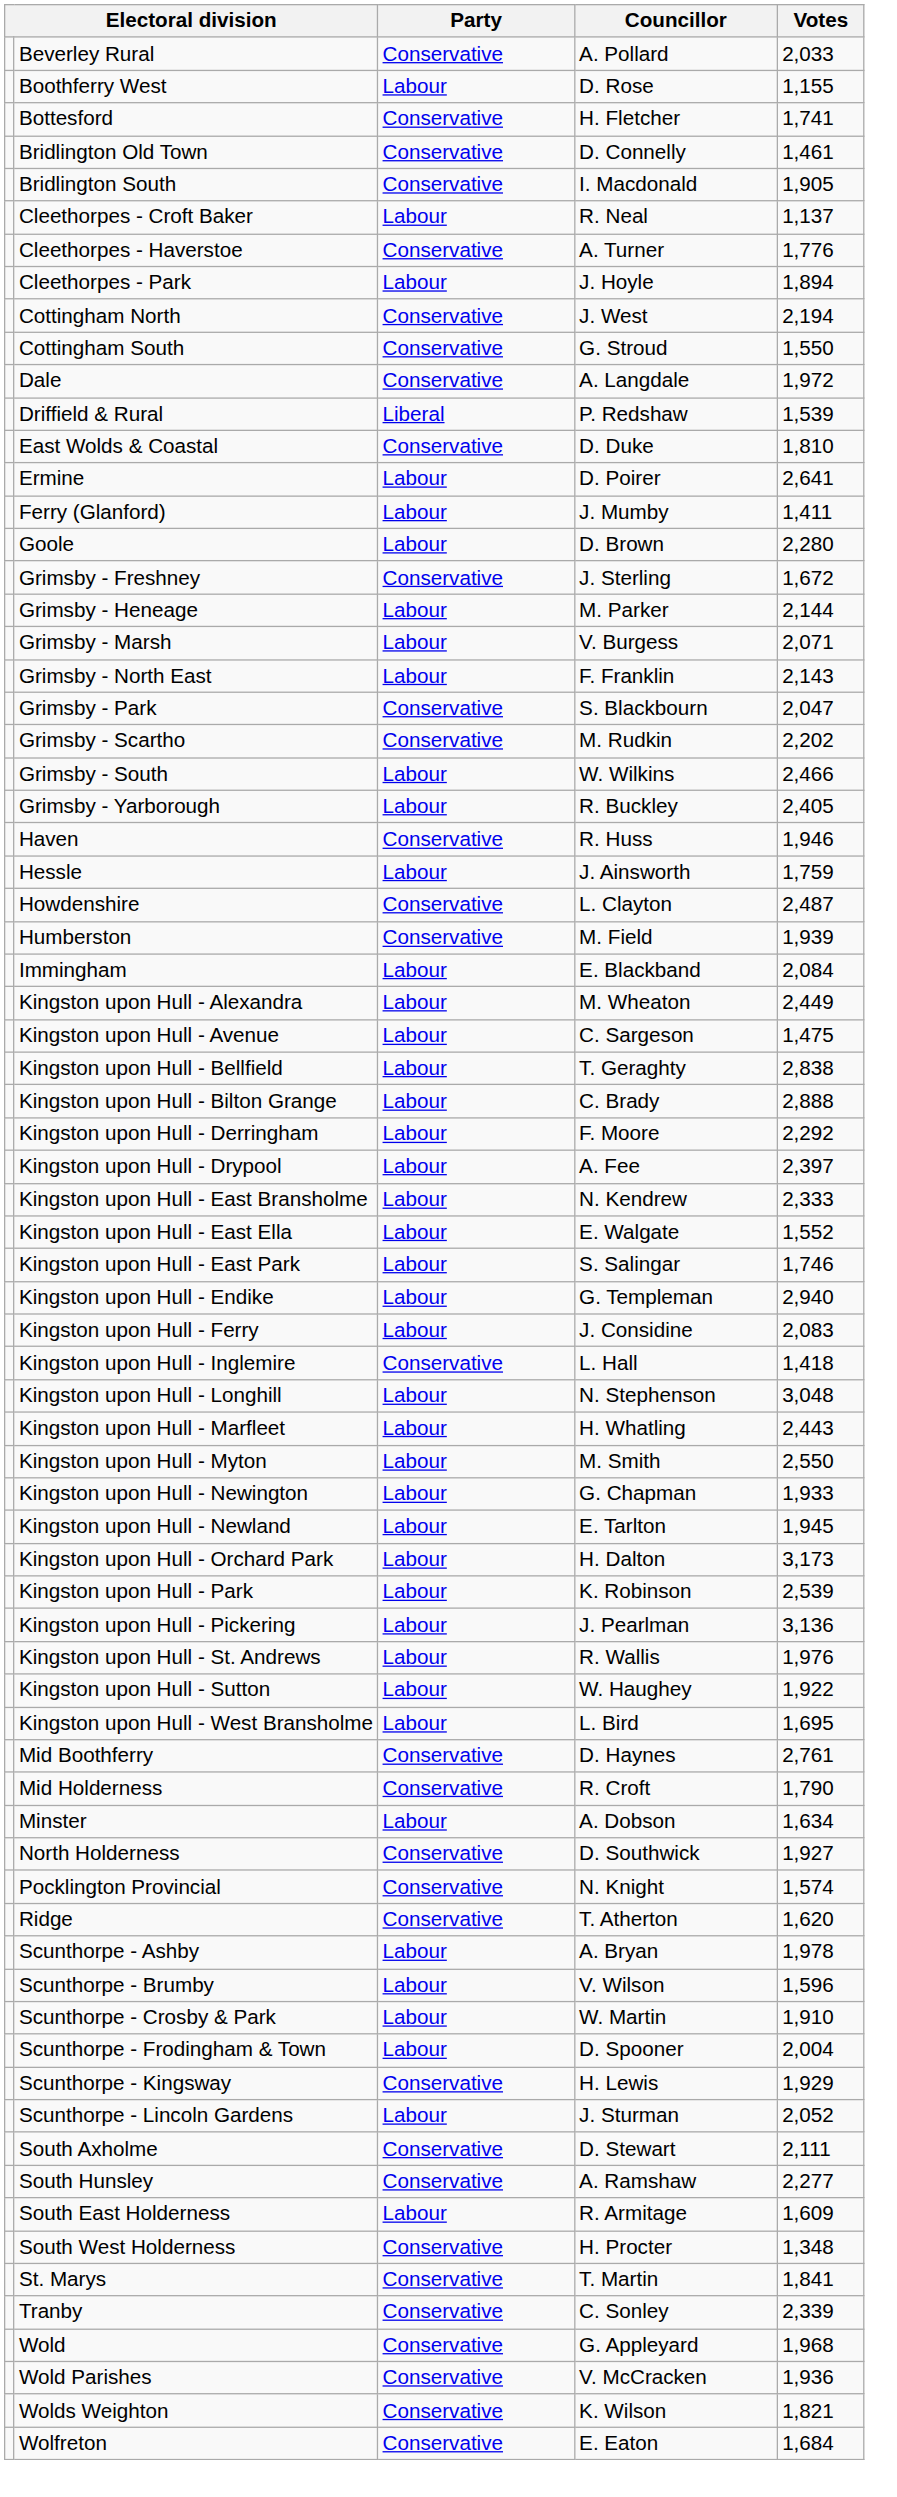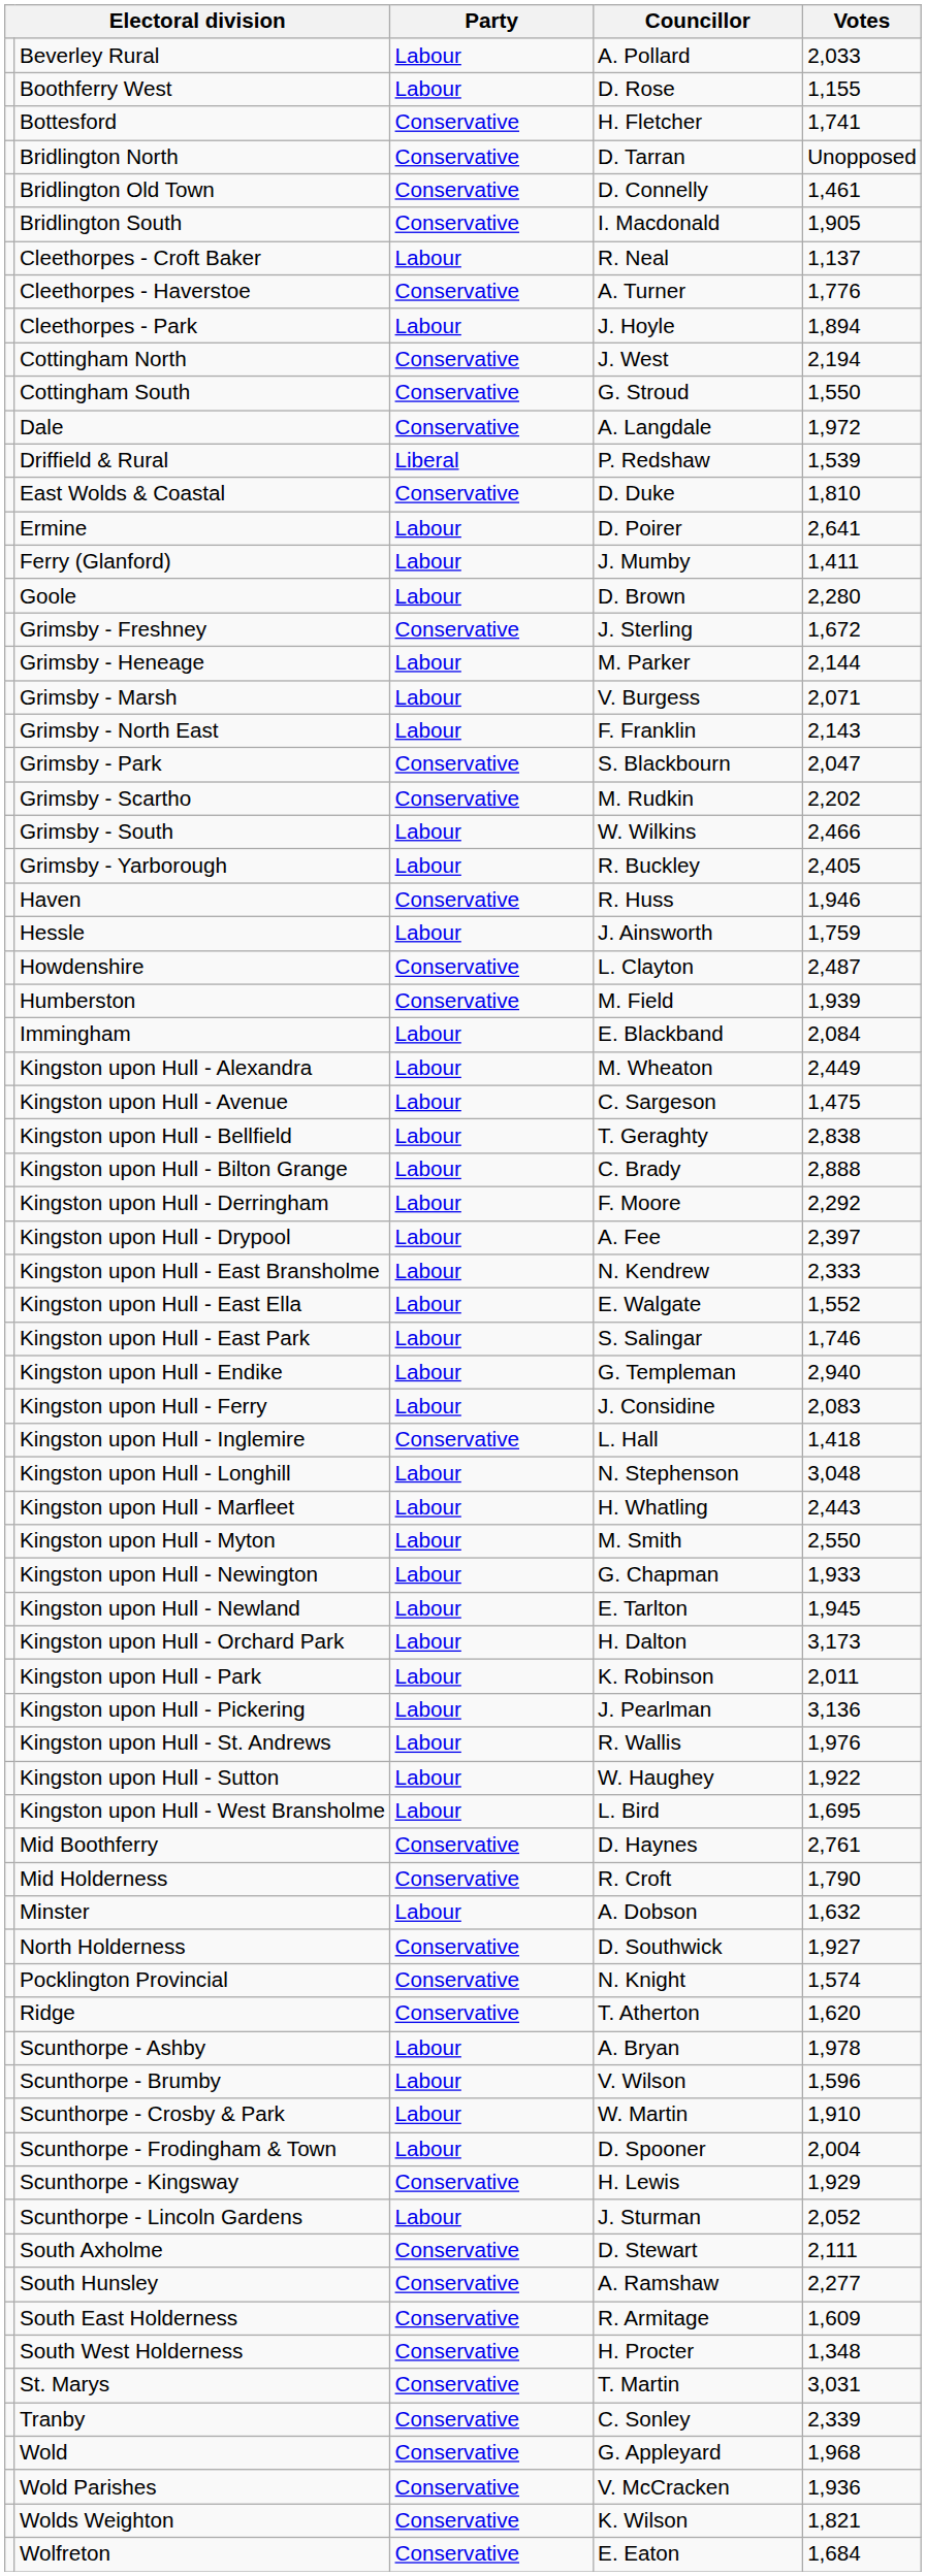 <table class="wikitable">
 <tr>
 <th colspan="2">Electoral division</th>
 <th width="145px">Party</th>
 <th width="150px">Councillor</th>
 <th width="60px">Votes</th>
 </tr>
 <tr>
 <td style="color:inherit;background:"></td>
 <td>Beverley Rural</td>
-<td><a href='#'>Conservative</a></td>
+<td><a href='#'>Labour</a></td>
 <td>A. Pollard</td>
 <td>2,033</td>
 </tr>
 <tr>
 <td style="color:inherit;background:"></td>
 <td>Boothferry West</td>
 <td><a href='#'>Labour</a></td>
 <td>D. Rose</td>
 <td>1,155</td>
 </tr>
 <tr>
 <td style="color:inherit;background:"></td>
 <td>Bottesford</td>
 <td><a href='#'>Conservative</a></td>
 <td>H. Fletcher</td>
 <td>1,741</td>
+</tr>
+<tr>
+<td style="color:inherit;background:"></td>
+<td>Bridlington North</td>
+<td><a href='#'>Conservative</a></td>
+<td>D. Tarran</td>
+<td>Unopposed</td>
 </tr>
 <tr>
 <td style="color:inherit;background:"></td>
 <td>Bridlington Old Town</td>
 <td><a href='#'>Conservative</a></td>
 <td>D. Connelly</td>
 <td>1,461</td>
 </tr>
 <tr>
 <td style="color:inherit;background:"></td>
 <td>Bridlington South</td>
 <td><a href='#'>Conservative</a></td>
 <td>I. Macdonald</td>
 <td>1,905</td>
 </tr>
 <tr>
 <td style="color:inherit;background:"></td>
 <td>Cleethorpes - Croft Baker</td>
 <td><a href='#'>Labour</a></td>
 <td>R. Neal</td>
 <td>1,137</td>
 </tr>
 <tr>
 <td style="color:inherit;background:"></td>
 <td>Cleethorpes - Haverstoe</td>
 <td><a href='#'>Conservative</a></td>
 <td>A. Turner</td>
 <td>1,776</td>
 </tr>
 <tr>
 <td style="color:inherit;background:"></td>
 <td>Cleethorpes - Park</td>
 <td><a href='#'>Labour</a></td>
 <td>J. Hoyle</td>
 <td>1,894</td>
 </tr>
 <tr>
 <td style="color:inherit;background:"></td>
 <td>Cottingham North</td>
 <td><a href='#'>Conservative</a></td>
 <td>J. West</td>
 <td>2,194</td>
 </tr>
 <tr>
 <td style="color:inherit;background:"></td>
 <td>Cottingham South</td>
 <td><a href='#'>Conservative</a></td>
 <td>G. Stroud</td>
 <td>1,550</td>
 </tr>
 <tr>
 <td style="color:inherit;background:"></td>
 <td>Dale</td>
 <td><a href='#'>Conservative</a></td>
 <td>A. Langdale</td>
 <td>1,972</td>
 </tr>
 <tr>
 <td style="color:inherit;background:"></td>
 <td>Driffield & Rural</td>
 <td><a href='#'>Liberal</a></td>
 <td>P. Redshaw</td>
 <td>1,539</td>
 </tr>
 <tr>
 <td style="color:inherit;background:"></td>
 <td>East Wolds & Coastal</td>
 <td><a href='#'>Conservative</a></td>
 <td>D. Duke</td>
 <td>1,810</td>
 </tr>
 <tr>
 <td style="color:inherit;background:"></td>
 <td>Ermine</td>
 <td><a href='#'>Labour</a></td>
 <td>D. Poirer</td>
 <td>2,641</td>
 </tr>
 <tr>
 <td style="color:inherit;background:"></td>
 <td>Ferry (Glanford)</td>
 <td><a href='#'>Labour</a></td>
 <td>J. Mumby</td>
 <td>1,411</td>
 </tr>
 <tr>
 <td style="color:inherit;background:"></td>
 <td>Goole</td>
 <td><a href='#'>Labour</a></td>
 <td>D. Brown</td>
 <td>2,280</td>
 </tr>
 <tr>
 <td style="color:inherit;background:"></td>
 <td>Grimsby - Freshney</td>
 <td><a href='#'>Conservative</a></td>
 <td>J. Sterling</td>
 <td>1,672</td>
 </tr>
 <tr>
 <td style="color:inherit;background:"></td>
 <td>Grimsby - Heneage</td>
 <td><a href='#'>Labour</a></td>
 <td>M. Parker</td>
 <td>2,144</td>
 </tr>
 <tr>
 <td style="color:inherit;background:"></td>
 <td>Grimsby - Marsh</td>
 <td><a href='#'>Labour</a></td>
 <td>V. Burgess</td>
 <td>2,071</td>
 </tr>
 <tr>
 <td style="color:inherit;background:"></td>
 <td>Grimsby - North East</td>
 <td><a href='#'>Labour</a></td>
 <td>F. Franklin</td>
 <td>2,143</td>
 </tr>
 <tr>
 <td style="color:inherit;background:"></td>
 <td>Grimsby - Park</td>
 <td><a href='#'>Conservative</a></td>
 <td>S. Blackbourn</td>
 <td>2,047</td>
 </tr>
 <tr>
 <td style="color:inherit;background:"></td>
 <td>Grimsby - Scartho</td>
 <td><a href='#'>Conservative</a></td>
 <td>M. Rudkin</td>
 <td>2,202</td>
 </tr>
 <tr>
 <td style="color:inherit;background:"></td>
 <td>Grimsby - South</td>
 <td><a href='#'>Labour</a></td>
 <td>W. Wilkins</td>
 <td>2,466</td>
 </tr>
 <tr>
 <td style="color:inherit;background:"></td>
 <td>Grimsby - Yarborough</td>
 <td><a href='#'>Labour</a></td>
 <td>R. Buckley</td>
 <td>2,405</td>
 </tr>
 <tr>
 <td style="color:inherit;background:"></td>
 <td>Haven</td>
 <td><a href='#'>Conservative</a></td>
 <td>R. Huss</td>
 <td>1,946</td>
 </tr>
 <tr>
 <td style="color:inherit;background:"></td>
 <td>Hessle</td>
 <td><a href='#'>Labour</a></td>
 <td>J. Ainsworth</td>
 <td>1,759</td>
 </tr>
 <tr>
 <td style="color:inherit;background:"></td>
 <td>Howdenshire</td>
 <td><a href='#'>Conservative</a></td>
 <td>L. Clayton</td>
 <td>2,487</td>
 </tr>
 <tr>
 <td style="color:inherit;background:"></td>
 <td>Humberston</td>
 <td><a href='#'>Conservative</a></td>
 <td>M. Field</td>
 <td>1,939</td>
 </tr>
 <tr>
 <td style="color:inherit;background:"></td>
 <td>Immingham</td>
 <td><a href='#'>Labour</a></td>
 <td>E. Blackband</td>
 <td>2,084</td>
 </tr>
 <tr>
 <td style="color:inherit;background:"></td>
 <td>Kingston upon Hull - Alexandra</td>
 <td><a href='#'>Labour</a></td>
 <td>M. Wheaton</td>
 <td>2,449</td>
 </tr>
 <tr>
 <td style="color:inherit;background:"></td>
 <td>Kingston upon Hull - Avenue</td>
 <td><a href='#'>Labour</a></td>
 <td>C. Sargeson</td>
 <td>1,475</td>
 </tr>
 <tr>
 <td style="color:inherit;background:"></td>
 <td>Kingston upon Hull - Bellfield</td>
 <td><a href='#'>Labour</a></td>
 <td>T. Geraghty</td>
 <td>2,838</td>
 </tr>
 <tr>
 <td style="color:inherit;background:"></td>
 <td>Kingston upon Hull - Bilton Grange</td>
 <td><a href='#'>Labour</a></td>
 <td>C. Brady</td>
 <td>2,888</td>
 </tr>
 <tr>
 <td style="color:inherit;background:"></td>
 <td>Kingston upon Hull - Derringham</td>
 <td><a href='#'>Labour</a></td>
 <td>F. Moore</td>
 <td>2,292</td>
 </tr>
 <tr>
 <td style="color:inherit;background:"></td>
 <td>Kingston upon Hull - Drypool</td>
 <td><a href='#'>Labour</a></td>
 <td>A. Fee</td>
 <td>2,397</td>
 </tr>
 <tr>
 <td style="color:inherit;background:"></td>
 <td>Kingston upon Hull - East Bransholme</td>
 <td><a href='#'>Labour</a></td>
 <td>N. Kendrew</td>
 <td>2,333</td>
 </tr>
 <tr>
 <td style="color:inherit;background:"></td>
 <td>Kingston upon Hull - East Ella</td>
 <td><a href='#'>Labour</a></td>
 <td>E. Walgate</td>
 <td>1,552</td>
 </tr>
 <tr>
 <td style="color:inherit;background:"></td>
 <td>Kingston upon Hull - East Park</td>
 <td><a href='#'>Labour</a></td>
 <td>S. Salingar</td>
 <td>1,746</td>
 </tr>
 <tr>
 <td style="color:inherit;background:"></td>
 <td>Kingston upon Hull - Endike</td>
 <td><a href='#'>Labour</a></td>
 <td>G. Templeman</td>
 <td>2,940</td>
 </tr>
 <tr>
 <td style="color:inherit;background:"></td>
 <td>Kingston upon Hull - Ferry</td>
 <td><a href='#'>Labour</a></td>
 <td>J. Considine</td>
 <td>2,083</td>
 </tr>
 <tr>
 <td style="color:inherit;background:"></td>
 <td>Kingston upon Hull - Inglemire</td>
 <td><a href='#'>Conservative</a></td>
 <td>L. Hall</td>
 <td>1,418</td>
 </tr>
 <tr>
 <td style="color:inherit;background:"></td>
 <td>Kingston upon Hull - Longhill</td>
 <td><a href='#'>Labour</a></td>
 <td>N. Stephenson</td>
 <td>3,048</td>
 </tr>
 <tr>
 <td style="color:inherit;background:"></td>
 <td>Kingston upon Hull - Marfleet</td>
 <td><a href='#'>Labour</a></td>
 <td>H. Whatling</td>
 <td>2,443</td>
 </tr>
 <tr>
 <td style="color:inherit;background:"></td>
 <td>Kingston upon Hull - Myton</td>
 <td><a href='#'>Labour</a></td>
 <td>M. Smith</td>
 <td>2,550</td>
 </tr>
 <tr>
 <td style="color:inherit;background:"></td>
 <td>Kingston upon Hull - Newington</td>
 <td><a href='#'>Labour</a></td>
 <td>G. Chapman</td>
 <td>1,933</td>
 </tr>
 <tr>
 <td style="color:inherit;background:"></td>
 <td>Kingston upon Hull - Newland</td>
 <td><a href='#'>Labour</a></td>
 <td>E. Tarlton</td>
 <td>1,945</td>
 </tr>
 <tr>
 <td style="color:inherit;background:"></td>
 <td>Kingston upon Hull - Orchard Park</td>
 <td><a href='#'>Labour</a></td>
 <td>H. Dalton</td>
 <td>3,173</td>
 </tr>
 <tr>
 <td style="color:inherit;background:"></td>
 <td>Kingston upon Hull - Park</td>
 <td><a href='#'>Labour</a></td>
 <td>K. Robinson</td>
-<td>2,539</td>
+<td>2,011</td>
 </tr>
 <tr>
 <td style="color:inherit;background:"></td>
 <td>Kingston upon Hull - Pickering</td>
 <td><a href='#'>Labour</a></td>
 <td>J. Pearlman</td>
 <td>3,136</td>
 </tr>
 <tr>
 <td style="color:inherit;background:"></td>
 <td>Kingston upon Hull - St. Andrews</td>
 <td><a href='#'>Labour</a></td>
 <td>R. Wallis</td>
 <td>1,976</td>
 </tr>
 <tr>
 <td style="color:inherit;background:"></td>
 <td>Kingston upon Hull - Sutton</td>
 <td><a href='#'>Labour</a></td>
 <td>W. Haughey</td>
 <td>1,922</td>
 </tr>
 <tr>
 <td style="color:inherit;background:"></td>
 <td>Kingston upon Hull - West Bransholme</td>
 <td><a href='#'>Labour</a></td>
 <td>L. Bird</td>
 <td>1,695</td>
 </tr>
 <tr>
 <td style="color:inherit;background:"></td>
 <td>Mid Boothferry</td>
 <td><a href='#'>Conservative</a></td>
 <td>D. Haynes</td>
 <td>2,761</td>
 </tr>
 <tr>
 <td style="color:inherit;background:"></td>
 <td>Mid Holderness</td>
 <td><a href='#'>Conservative</a></td>
 <td>R. Croft</td>
 <td>1,790</td>
 </tr>
 <tr>
 <td style="color:inherit;background:"></td>
 <td>Minster</td>
 <td><a href='#'>Labour</a></td>
 <td>A. Dobson</td>
-<td>1,634</td>
+<td>1,632</td>
 </tr>
 <tr>
 <td style="color:inherit;background:"></td>
 <td>North Holderness</td>
 <td><a href='#'>Conservative</a></td>
 <td>D. Southwick</td>
 <td>1,927</td>
 </tr>
 <tr>
 <td style="color:inherit;background:"></td>
 <td>Pocklington Provincial</td>
 <td><a href='#'>Conservative</a></td>
 <td>N. Knight</td>
 <td>1,574</td>
 </tr>
 <tr>
 <td style="color:inherit;background:"></td>
 <td>Ridge</td>
 <td><a href='#'>Conservative</a></td>
 <td>T. Atherton</td>
 <td>1,620</td>
 </tr>
 <tr>
 <td style="color:inherit;background:"></td>
 <td>Scunthorpe - Ashby</td>
 <td><a href='#'>Labour</a></td>
 <td>A. Bryan</td>
 <td>1,978</td>
 </tr>
 <tr>
 <td style="color:inherit;background:"></td>
 <td>Scunthorpe - Brumby</td>
 <td><a href='#'>Labour</a></td>
 <td>V. Wilson</td>
 <td>1,596</td>
 </tr>
 <tr>
 <td style="color:inherit;background:"></td>
 <td>Scunthorpe - Crosby & Park</td>
 <td><a href='#'>Labour</a></td>
 <td>W. Martin</td>
 <td>1,910</td>
 </tr>
 <tr>
 <td style="color:inherit;background:"></td>
 <td>Scunthorpe - Frodingham & Town</td>
 <td><a href='#'>Labour</a></td>
 <td>D. Spooner</td>
 <td>2,004</td>
 </tr>
 <tr>
 <td style="color:inherit;background:"></td>
 <td>Scunthorpe - Kingsway</td>
 <td><a href='#'>Conservative</a></td>
 <td>H. Lewis</td>
 <td>1,929</td>
 </tr>
 <tr>
 <td style="color:inherit;background:"></td>
 <td>Scunthorpe - Lincoln Gardens</td>
 <td><a href='#'>Labour</a></td>
 <td>J. Sturman</td>
 <td>2,052</td>
 </tr>
 <tr>
 <td style="color:inherit;background:"></td>
 <td>South Axholme</td>
 <td><a href='#'>Conservative</a></td>
 <td>D. Stewart</td>
 <td>2,111</td>
 </tr>
 <tr>
 <td style="color:inherit;background:"></td>
 <td>South Hunsley</td>
 <td><a href='#'>Conservative</a></td>
 <td>A. Ramshaw</td>
 <td>2,277</td>
 </tr>
 <tr>
 <td style="color:inherit;background:"></td>
 <td>South East Holderness</td>
-<td><a href='#'>Labour</a></td>
+<td><a href='#'>Conservative</a></td>
 <td>R. Armitage</td>
 <td>1,609</td>
 </tr>
 <tr>
 <td style="color:inherit;background:"></td>
 <td>South West Holderness</td>
 <td><a href='#'>Conservative</a></td>
 <td>H. Procter</td>
 <td>1,348</td>
 </tr>
 <tr>
 <td style="color:inherit;background:"></td>
 <td>St. Marys</td>
 <td><a href='#'>Conservative</a></td>
 <td>T. Martin</td>
-<td>1,841</td>
+<td>3,031</td>
 </tr>
 <tr>
 <td style="color:inherit;background:"></td>
 <td>Tranby</td>
 <td><a href='#'>Conservative</a></td>
 <td>C. Sonley</td>
 <td>2,339</td>
 </tr>
 <tr>
 <td style="color:inherit;background:"></td>
 <td>Wold</td>
 <td><a href='#'>Conservative</a></td>
 <td>G. Appleyard</td>
 <td>1,968</td>
 </tr>
 <tr>
 <td style="color:inherit;background:"></td>
 <td>Wold Parishes</td>
 <td><a href='#'>Conservative</a></td>
 <td>V. McCracken</td>
 <td>1,936</td>
 </tr>
 <tr>
 <td style="color:inherit;background:"></td>
 <td>Wolds Weighton</td>
 <td><a href='#'>Conservative</a></td>
 <td>K. Wilson</td>
 <td>1,821</td>
 </tr>
 <tr>
 <td style="color:inherit;background:"></td>
 <td>Wolfreton</td>
 <td><a href='#'>Conservative</a></td>
 <td>E. Eaton</td>
 <td>1,684</td>
 </tr>
 </table>
